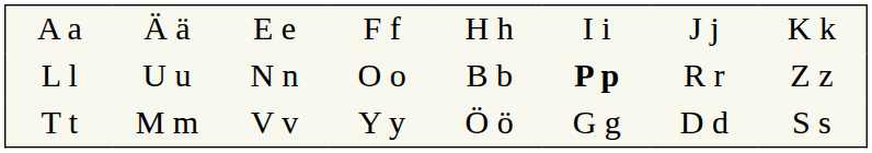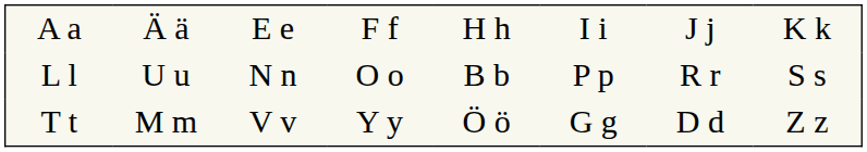 <table style="font-family:Arial Unicode MS; font-size:1.4em; border-color:#000000; border-width:1px; border-style:solid; border-collapse:collapse; background-color:#F8F8EF">
 <tr>
 <td style="width:3em; text-align:center; padding: 3px;">A a</td>
 <td style="width:3em; text-align:center; padding: 3px;">Ä ä</td>
 <td style="width:3em; text-align:center; padding: 3px;">E e</td>
 <td style="width:3em; text-align:center; padding: 3px;">F f</td>
 <td style="width:3em; text-align:center; padding: 3px;">H h</td>
 <td style="width:3em; text-align:center; padding: 3px;">I i</td>
 <td style="width:3em; text-align:center; padding: 3px;">J j</td>
 <td style="width:3em; text-align:center; padding: 3px;">K k</td>
 </tr>
 <tr>
 <td style="width:3em; text-align:center; padding: 3px;">L l</td>
 <td style="width:3em; text-align:center; padding: 3px;">U u</td>
 <td style="width:3em; text-align:center; padding: 3px;">N n</td>
 <td style="width:3em; text-align:center; padding: 3px;">O o</td>
 <td style="width:3em; text-align:center; padding: 3px;">B b</td>
-<td style="width:3em; text-align:center; padding: 3px;"><strong>P p</strong></td>
+<td style="width:3em; text-align:center; padding: 3px;">P p</td>
 <td style="width:3em; text-align:center; padding: 3px;">R r</td>
-<td style="width:3em; text-align:center; padding: 3px;">Z z</td>
+<td style="width:3em; text-align:center; padding: 3px;">S s</td>
 </tr>
 <tr>
 <td style="width:3em; text-align:center; padding: 3px;">T t</td>
 <td style="width:3em; text-align:center; padding: 3px;">M m</td>
 <td style="width:3em; text-align:center; padding: 3px;">V v</td>
 <td style="width:3em; text-align:center; padding: 3px;">Y y</td>
 <td style="width:3em; text-align:center; padding: 3px;">Ö ö</td>
 <td style="width:3em; text-align:center; padding: 3px;">G g</td>
 <td style="width:3em; text-align:center; padding: 3px;">D d</td>
-<td style="width:3em; text-align:center; padding: 3px;">S s</td>
+<td style="width:3em; text-align:center; padding: 3px;">Z z</td>
 </tr>
 </table>
